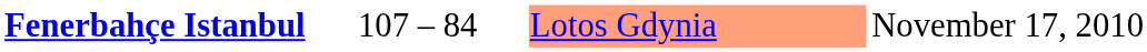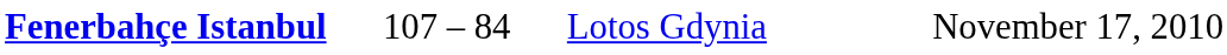 <table style="text-align:center">
 <tr>
 <th width=160></th>
 <th width=100></th>
 <th width=160></th>
 <th width=200></th>
 </tr>
 <tr>
 <td align=right><strong><a href='#'>Fenerbahçe Istanbul</a></strong> </td>
 <td>107 – 84</td>
-<td align=left style="background: lightsalmon;"> <a href='#'>Lotos Gdynia</a></td>
+<td align=left> <a href='#'>Lotos Gdynia</a></td>
 <td align=left>November 17, 2010 </td>
 </tr>
 </table>
